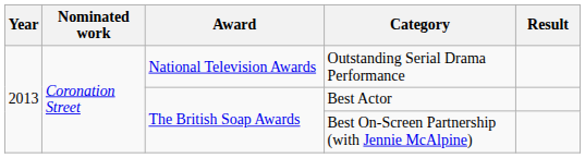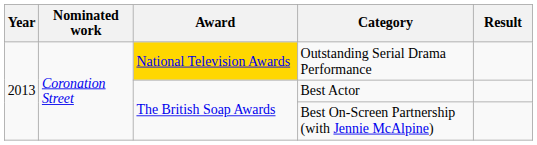 <table class="wikitable">
 <tr>
 <th>Year</th>
 <th width="116">Nominated work</th>
 <th width="247">Award</th>
 <th width="260">Category</th>
 <th width="70">Result</th>
 </tr>
 <tr>
 <td rowspan="3">2013</td>
 <td rowspan="3"><em><a href='#'>Coronation Street</a></em></td>
-<td><a href='#'>National Television Awards</a></td>
+<td style="background: gold;"><a href='#'>National Television Awards</a></td>
 <td>Outstanding Serial Drama Performance</td>
 <td></td>
 </tr>
 <tr>
 <td rowspan=2><a href='#'>The British Soap Awards</a></td>
 <td>Best Actor</td>
 <td></td>
 </tr>
 <tr>
 <td>Best On-Screen Partnership (with <a href='#'>Jennie McAlpine</a>)</td>
 <td></td>
 </tr>
 </table>
